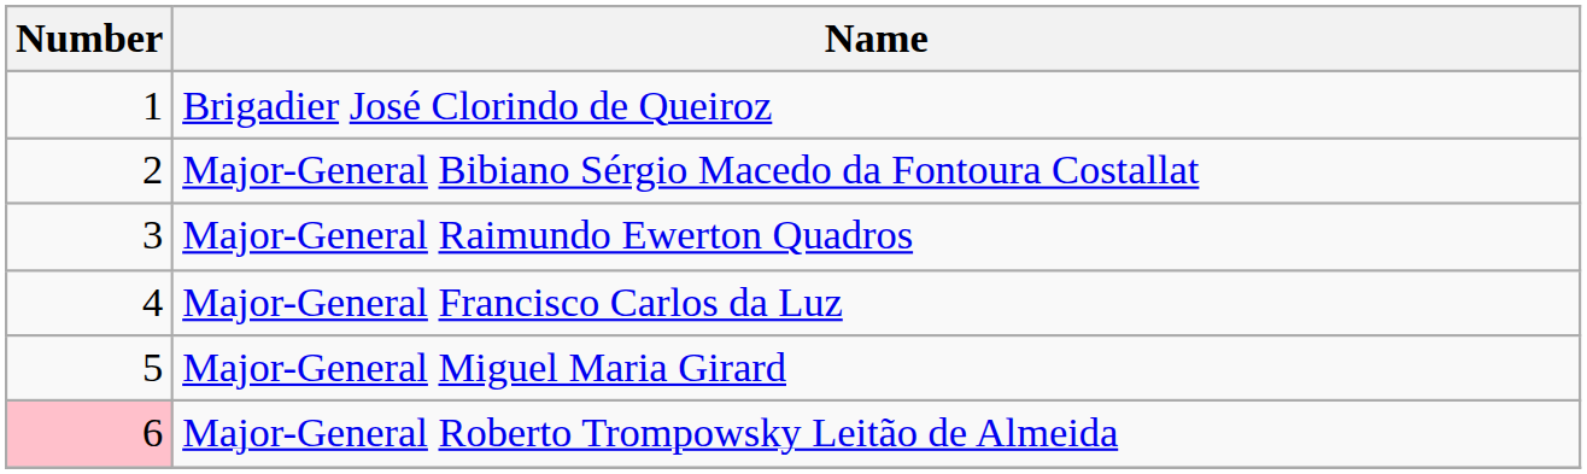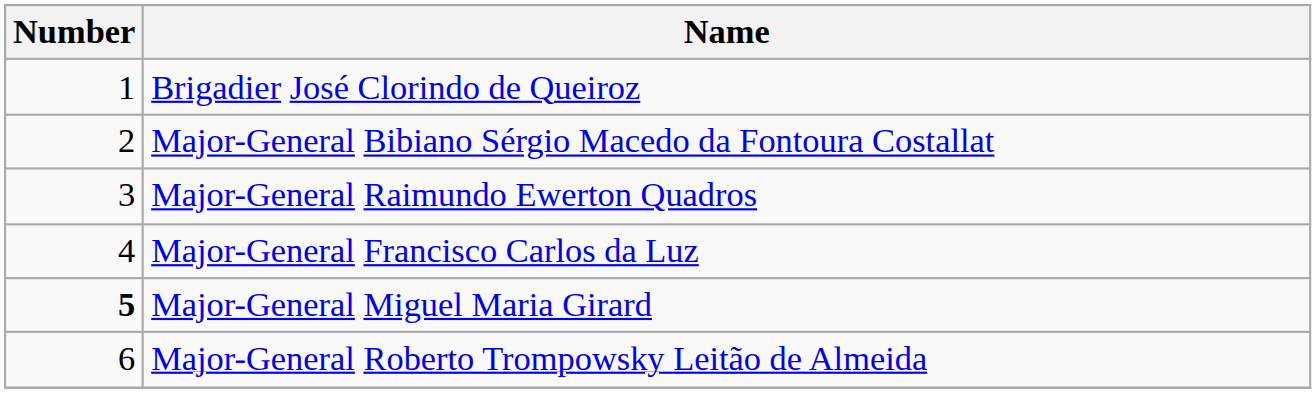 <table class="wikitable">
 <tr>
 <th width="5%">Number</th>
 <th>Name</th>
 </tr>
 <tr>
 <td align=right>1</td>
 <td rowspan=1><a href='#'>Brigadier</a> <a href='#'>José Clorindo de Queiroz</a></td>
 </tr>
 <tr>
 <td align=right>2</td>
 <td><a href='#'>Major-General</a> <a href='#'>Bibiano Sérgio Macedo da Fontoura Costallat</a></td>
 </tr>
 <tr>
 <td align=right>3</td>
 <td><a href='#'>Major-General</a> <a href='#'>Raimundo Ewerton Quadros</a></td>
 </tr>
 <tr>
 <td align=right>4</td>
 <td><a href='#'>Major-General</a> <a href='#'>Francisco Carlos da Luz</a></td>
 </tr>
 <tr>
-<td align=right>5</td>
+<td align=right><strong>5</strong></td>
 <td><a href='#'>Major-General</a> <a href='#'>Miguel Maria Girard</a></td>
 </tr>
 <tr>
-<td align=right style="background: pink;">6</td>
+<td align=right>6</td>
 <td><a href='#'>Major-General</a> <a href='#'>Roberto Trompowsky Leitão de Almeida</a></td>
 </tr>
 <tr>
 </tr>
 </table>
